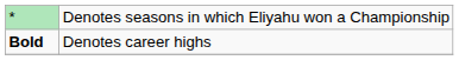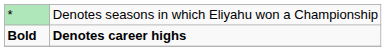 <table class="wikitable">
 <tr>
 <td style="background-color:#AFE6BA; width:3em;">*</td>
 <td>Denotes seasons in which Eliyahu won a Championship</td>
 </tr>
 <tr>
 <td><strong>Bold</strong></td>
-<td>Denotes career highs</td>
+<td><strong>Denotes career highs</strong></td>
 </tr>
 <tr>
 </tr>
 </table>
